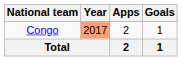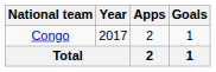 <table class="wikitable" style="text-align:center">
 <tr>
 <th>National team</th>
 <th>Year</th>
 <th>Apps</th>
 <th>Goals</th>
 </tr>
 <tr>
 <td><a href='#'>Congo</a></td>
-<td style="background: lightsalmon;">2017</td>
+<td>2017</td>
 <td>2</td>
 <td>1</td>
 </tr>
 <tr>
 <th colspan=2>Total</th>
 <th>2</th>
 <th>1</th>
 </tr>
 </table>
